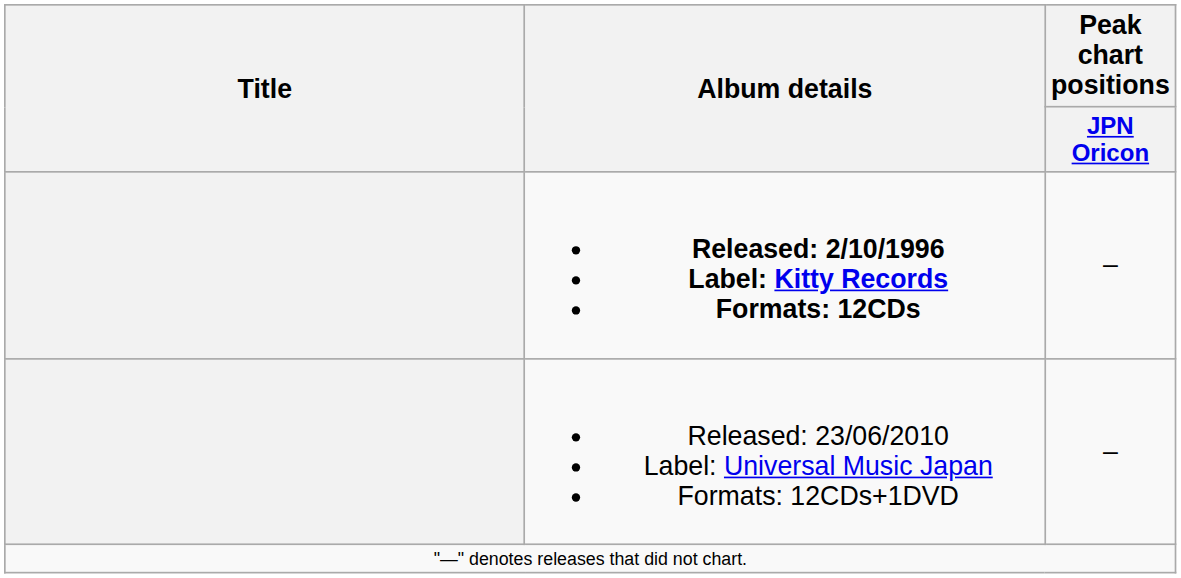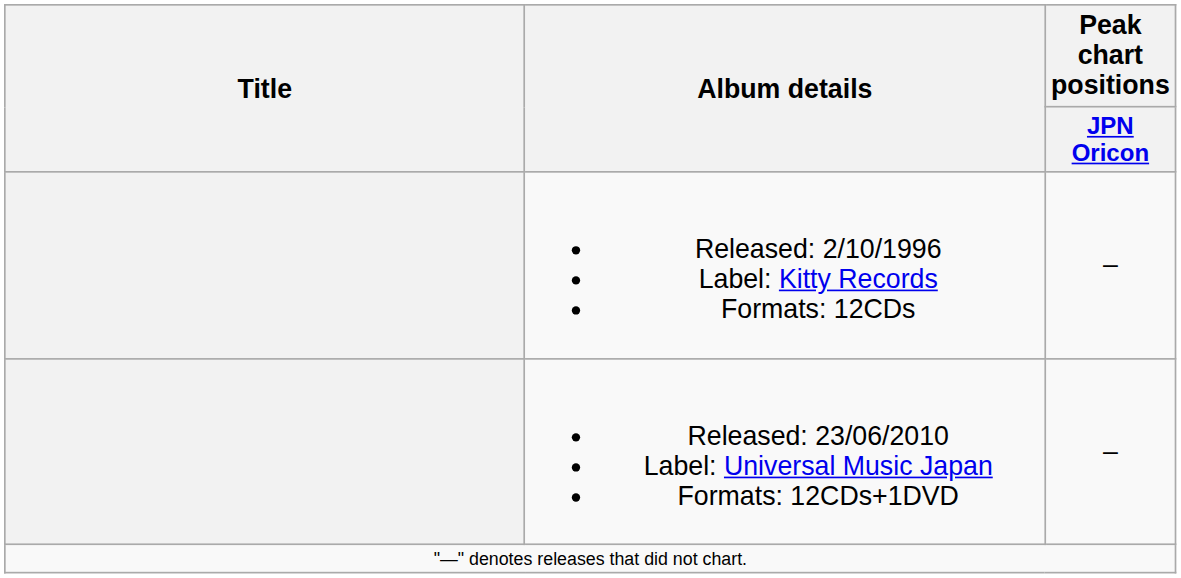 <table class="wikitable plainrowheaders" style="text-align:center;">
 <tr>
 <th scope="col" rowspan="2" style="width:19em;">Title</th>
 <th scope="col" rowspan="2" style="width:19em;">Album details</th>
 <th scope="col">Peak<br>chart<br>positions</th>
 </tr>
 <tr>
 <th scope="col" style="width:2.9em;font-size:90%;"><a href='#'>JPN<br>Oricon</a><br></th>
 </tr>
 <tr>
 <th scope="row"></th>
-<td><strong><br><ul><li>Released: 2/10/1996</li><li>Label: <a href='#'>Kitty Records</a></li><li>Formats: 12CDs</li></ul></strong></td>
+<td><br><ul><li>Released: 2/10/1996</li><li>Label: <a href='#'>Kitty Records</a></li><li>Formats: 12CDs</li></ul></td>
 <td>–</td>
 </tr>
 <tr>
 <th scope="row"></th>
 <td><br><ul><li>Released: 23/06/2010</li><li>Label: <a href='#'>Universal Music Japan</a></li><li>Formats: 12CDs+1DVD</li></ul></td>
 <td>–</td>
 </tr>
 <tr>
 <td align="center" colspan="4" style="font-size: 8pt">"—" denotes releases that did not chart.</td>
 </tr>
 </table>
